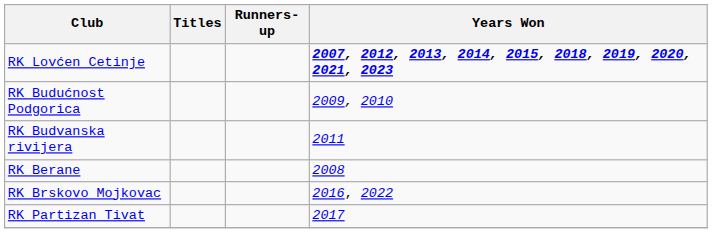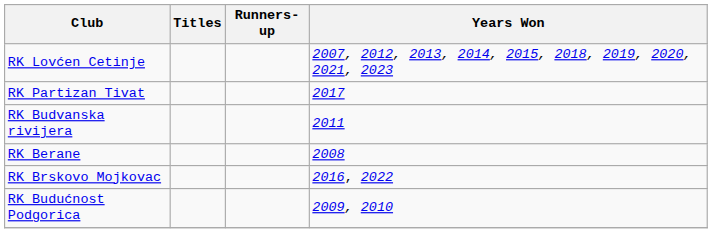 <table class="wikitable" style="font-size:90%">
 <tr>
 <th>Club</th>
 <th>Titles</th>
 <th>Runners-up</th>
 <th>Years Won</th>
 </tr>
 <tr>
 <td><a href='#'>RK Lovćen Cetinje</a></td>
 <td></td>
 <td></td>
-<td><strong><em><a href='#'>2007</a>, <a href='#'>2012</a>, <a href='#'>2013</a>, <a href='#'>2014</a>, <a href='#'>2015</a>, <a href='#'>2018</a>, <a href='#'>2019</a>, <a href='#'>2020</a>, <a href='#'>2021</a>, <a href='#'>2023</a></em></strong></td>
+<td><em><a href='#'>2007</a>, <a href='#'>2012</a>, <a href='#'>2013</a>, <a href='#'>2014</a>, <a href='#'>2015</a>, <a href='#'>2018</a>, <a href='#'>2019</a>, <a href='#'>2020</a>, <a href='#'>2021</a>, <a href='#'>2023</a></em></td>
 </tr>
 <tr>
-<td><a href='#'>RK Budućnost Podgorica</a></td>
+<td><a href='#'>RK Partizan Tivat</a></td>
 <td></td>
 <td></td>
-<td><em><a href='#'>2009</a>, <a href='#'>2010</a></em></td>
+<td><em><a href='#'>2017</a></em></td>
 </tr>
 <tr>
 <td><a href='#'>RK Budvanska rivijera</a></td>
 <td></td>
 <td></td>
 <td><em><a href='#'>2011</a></em></td>
 </tr>
 <tr>
 <td><a href='#'>RK Berane</a></td>
 <td></td>
 <td></td>
 <td><em><a href='#'>2008</a></em></td>
 </tr>
 <tr>
 <td><a href='#'>RK Brskovo Mojkovac</a></td>
 <td></td>
 <td></td>
 <td><em><a href='#'>2016</a></em>, <em><a href='#'>2022</a></em></td>
 </tr>
 <tr>
-<td><a href='#'>RK Partizan Tivat</a></td>
+<td><a href='#'>RK Budućnost Podgorica</a></td>
 <td></td>
 <td></td>
-<td><em><a href='#'>2017</a></em></td>
+<td><em><a href='#'>2009</a>, <a href='#'>2010</a></em></td>
 </tr>
 <tr>
 </tr>
 </table>
